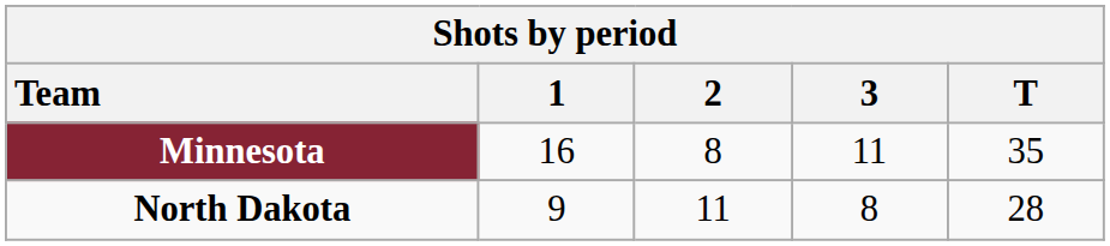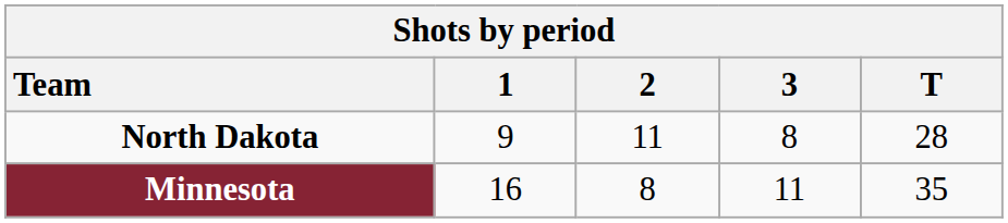 <table class="wikitable" style="width:30em; text-align:right;">
 <tr>
 <th colspan=5>Shots by period</th>
 </tr>
 <tr>
 <th style="width:10em; text-align:left;">Team</th>
 <th style="width:3em;">1</th>
 <th style="width:3em;">2</th>
 <th style="width:3em;">3</th>
 <th style="width:3em;">T</th>
 </tr>
 <tr>
+<td align=center><strong>North Dakota</strong></td>
+<td align=center>9</td>
+<td align=center>11</td>
+<td align=center>8</td>
+<td align=center>28</td>
+</tr>
+<tr>
 <td align=center style="color:white; background:#862334; "><strong>Minnesota</strong></td>
 <td align=center>16</td>
 <td align=center>8</td>
 <td align=center>11</td>
 <td align=center>35</td>
 </tr>
-<tr>
-<td align=center><strong>North Dakota</strong></td>
-<td align=center>9</td>
-<td align=center>11</td>
-<td align=center>8</td>
-<td align=center>28</td>
-</tr>
 </table>
